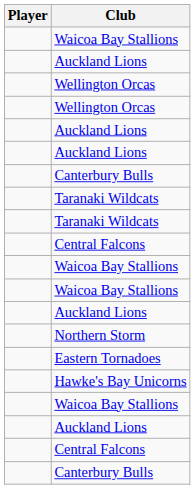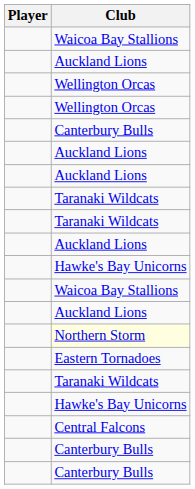 <table class="wikitable sortable" style="text-align:left">
 <tr>
 <th>Player</th>
 <th>Club</th>
 </tr>
 <tr>
 <td></td>
 <td> <a href='#'>Waicoa Bay Stallions</a></td>
 </tr>
 <tr>
 <td></td>
 <td> <a href='#'>Auckland Lions</a></td>
 </tr>
 <tr>
 <td></td>
 <td> <a href='#'>Wellington Orcas</a></td>
 </tr>
 <tr>
 <td></td>
 <td> <a href='#'>Wellington Orcas</a></td>
 </tr>
 <tr>
 <td></td>
-<td> <a href='#'>Auckland Lions</a></td>
+<td> <a href='#'>Canterbury Bulls</a></td>
 </tr>
 <tr>
 <td></td>
 <td> <a href='#'>Auckland Lions</a></td>
 </tr>
 <tr>
 <td></td>
-<td> <a href='#'>Canterbury Bulls</a></td>
+<td> <a href='#'>Auckland Lions</a></td>
 </tr>
 <tr>
 <td></td>
 <td> <a href='#'>Taranaki Wildcats</a></td>
 </tr>
 <tr>
 <td></td>
 <td> <a href='#'>Taranaki Wildcats</a></td>
 </tr>
 <tr>
 <td></td>
-<td> <a href='#'>Central Falcons</a></td>
-</tr>
-<tr>
-<td></td>
-<td> <a href='#'>Waicoa Bay Stallions</a></td>
-</tr>
-<tr>
-<td></td>
-<td> <a href='#'>Waicoa Bay Stallions</a></td>
-</tr>
-<tr>
-<td></td>
 <td> <a href='#'>Auckland Lions</a></td>
-</tr>
-<tr>
-<td></td>
-<td> <a href='#'>Northern Storm</a></td>
-</tr>
-<tr>
-<td></td>
-<td> <a href='#'>Eastern Tornadoes</a></td>
 </tr>
 <tr>
 <td></td>
 <td> <a href='#'>Hawke's Bay Unicorns</a></td>
 </tr>
 <tr>
 <td></td>
 <td> <a href='#'>Waicoa Bay Stallions</a></td>
 </tr>
 <tr>
 <td></td>
 <td> <a href='#'>Auckland Lions</a></td>
 </tr>
 <tr>
 <td></td>
+<td style="background: lightyellow;"> <a href='#'>Northern Storm</a></td>
+</tr>
+<tr>
+<td></td>
+<td> <a href='#'>Eastern Tornadoes</a></td>
+</tr>
+<tr>
+<td></td>
+<td> <a href='#'>Taranaki Wildcats</a></td>
+</tr>
+<tr>
+<td></td>
+<td> <a href='#'>Hawke's Bay Unicorns</a></td>
+</tr>
+<tr>
+<td></td>
 <td> <a href='#'>Central Falcons</a></td>
 </tr>
 <tr>
 <td></td>
 <td> <a href='#'>Canterbury Bulls</a></td>
 </tr>
+<tr>
+<td></td>
+<td> <a href='#'>Canterbury Bulls</a></td>
+</tr>
 </table>
